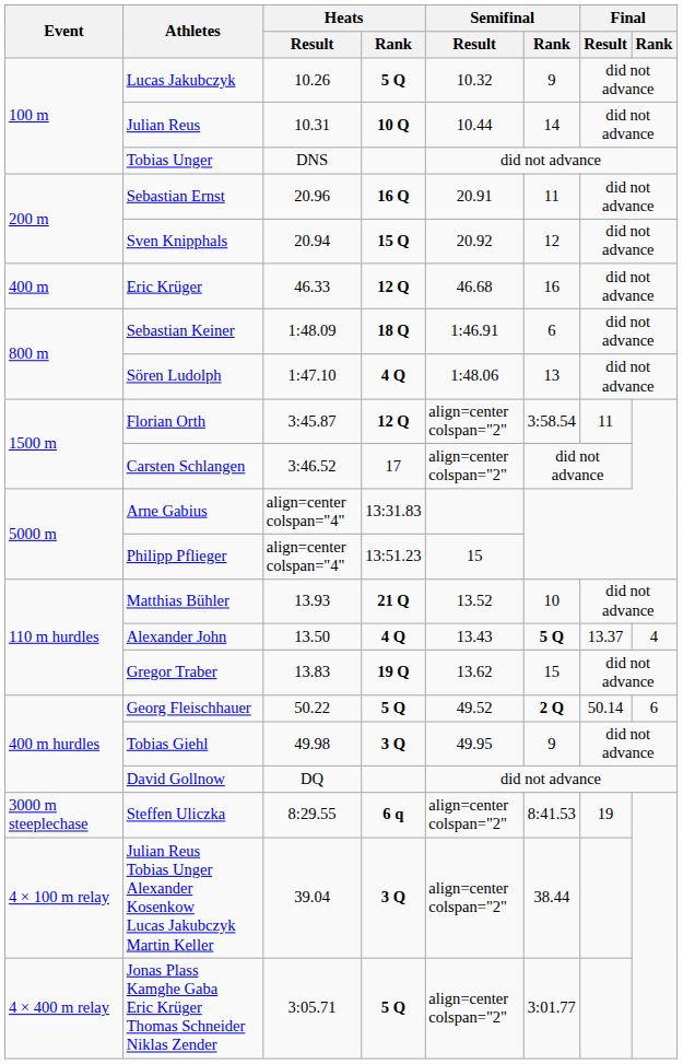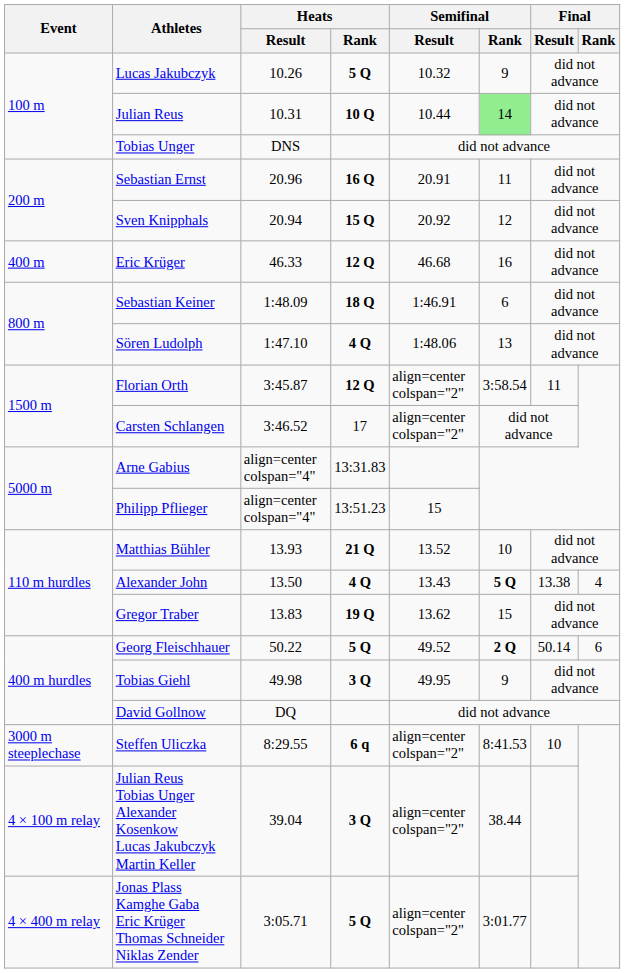 <table class="wikitable" border="1" style="font-size:90%">
 <tr>
 <th rowspan="2" width=100>Event</th>
 <th rowspan="2" width=120>Athletes</th>
 <th colspan="2">Heats</th>
 <th colspan="2">Semifinal</th>
 <th colspan="2">Final</th>
 </tr>
 <tr>
 <th>Result</th>
 <th>Rank</th>
 <th>Result</th>
 <th>Rank</th>
 <th>Result</th>
 <th>Rank</th>
 </tr>
 <tr>
 <td rowspan=3><a href='#'>100 m</a></td>
 <td><a href='#'>Lucas Jakubczyk</a></td>
 <td align=center>10.26</td>
 <td align=center><strong>5 Q</strong></td>
 <td align=center>10.32</td>
 <td align=center>9</td>
 <td align=center colspan="2">did not advance</td>
 </tr>
 <tr>
 <td><a href='#'>Julian Reus</a></td>
 <td align=center>10.31</td>
 <td align=center><strong>10 Q</strong></td>
 <td align=center>10.44</td>
-<td align=center>14</td>
+<td align=center style="background: lightgreen;">14</td>
 <td align=center colspan="2">did not advance</td>
 </tr>
 <tr>
 <td><a href='#'>Tobias Unger</a></td>
 <td align=center>DNS</td>
 <td align=center></td>
 <td align=center colspan="4">did not advance</td>
 </tr>
 <tr>
 <td rowspan=2><a href='#'>200 m</a></td>
 <td><a href='#'>Sebastian Ernst</a></td>
 <td align=center>20.96</td>
 <td align=center><strong>16 Q</strong></td>
 <td align=center>20.91</td>
 <td align=center>11</td>
 <td align=center colspan="2">did not advance</td>
 </tr>
 <tr>
 <td><a href='#'>Sven Knipphals</a></td>
 <td align=center>20.94</td>
 <td align=center><strong>15 Q</strong></td>
 <td align=center>20.92</td>
 <td align=center>12</td>
 <td align=center colspan="2">did not advance</td>
 </tr>
 <tr>
 <td><a href='#'>400 m</a></td>
 <td><a href='#'>Eric Krüger</a></td>
 <td align=center>46.33</td>
 <td align=center><strong>12 Q</strong></td>
 <td align=center>46.68</td>
 <td align=center>16</td>
 <td align=center colspan="2">did not advance</td>
 </tr>
 <tr>
 <td rowspan=2><a href='#'>800 m</a></td>
 <td><a href='#'>Sebastian Keiner</a></td>
 <td align=center>1:48.09</td>
 <td align=center><strong>18 Q</strong></td>
 <td align=center>1:46.91</td>
 <td align=center>6</td>
 <td align=center colspan="2">did not advance</td>
 </tr>
 <tr>
 <td><a href='#'>Sören Ludolph</a></td>
 <td align=center>1:47.10</td>
 <td align=center><strong>4 Q</strong></td>
 <td align=center>1:48.06</td>
 <td align=center>13</td>
 <td align=center colspan="2">did not advance</td>
 </tr>
 <tr>
 <td rowspan=2><a href='#'>1500 m</a></td>
 <td><a href='#'>Florian Orth</a></td>
 <td align=center>3:45.87</td>
 <td align=center><strong>12 Q</strong></td>
 <td>align=center colspan="2" </td>
 <td align=center>3:58.54</td>
 <td align=center>11</td>
 </tr>
 <tr>
 <td><a href='#'>Carsten Schlangen</a></td>
 <td align=center>3:46.52</td>
 <td align=center>17</td>
 <td>align=center colspan="2" </td>
 <td align=center colspan="2">did not advance</td>
 </tr>
 <tr>
 <td rowspan=2><a href='#'>5000 m</a></td>
 <td><a href='#'>Arne Gabius</a></td>
 <td>align=center colspan="4" </td>
 <td align=center>13:31.83</td>
 <td align=center></td>
 </tr>
 <tr>
 <td><a href='#'>Philipp Pflieger</a></td>
 <td>align=center colspan="4" </td>
 <td align=center>13:51.23</td>
 <td align=center>15</td>
 </tr>
 <tr>
 <td rowspan=3><a href='#'>110 m hurdles</a></td>
 <td><a href='#'>Matthias Bühler</a></td>
 <td align=center>13.93</td>
 <td align=center><strong>21 Q</strong></td>
 <td align=center>13.52</td>
 <td align=center>10</td>
 <td align=center colspan="2">did not advance</td>
 </tr>
 <tr>
 <td><a href='#'>Alexander John</a></td>
 <td align=center>13.50</td>
 <td align=center><strong>4 Q</strong></td>
 <td align=center>13.43</td>
 <td align=center><strong>5 Q</strong></td>
-<td align=center>13.37</td>
+<td align=center>13.38</td>
 <td align=center>4</td>
 </tr>
 <tr>
 <td><a href='#'>Gregor Traber</a></td>
 <td align=center>13.83</td>
 <td align=center><strong>19 Q</strong></td>
 <td align=center>13.62</td>
 <td align=center>15</td>
 <td align=center colspan="2">did not advance</td>
 </tr>
 <tr>
 <td rowspan=3><a href='#'>400 m hurdles</a></td>
 <td><a href='#'>Georg Fleischhauer</a></td>
 <td align=center>50.22</td>
 <td align=center><strong>5 Q</strong></td>
 <td align=center>49.52</td>
 <td align=center><strong>2 Q</strong></td>
 <td align=center>50.14</td>
 <td align=center>6</td>
 </tr>
 <tr>
 <td><a href='#'>Tobias Giehl</a></td>
 <td align=center>49.98</td>
 <td align=center><strong>3 Q</strong></td>
 <td align=center>49.95</td>
 <td align=center>9</td>
 <td align=center colspan="2">did not advance</td>
 </tr>
 <tr>
 <td><a href='#'>David Gollnow</a></td>
 <td align=center>DQ</td>
 <td align=center></td>
 <td align=center colspan="4">did not advance</td>
 </tr>
 <tr>
 <td><a href='#'>3000 m steeplechase</a></td>
 <td><a href='#'>Steffen Uliczka</a></td>
 <td align=center>8:29.55</td>
 <td align=center><strong>6 q</strong></td>
 <td>align=center colspan="2" </td>
 <td align=center>8:41.53</td>
-<td align=center>19</td>
+<td align=center>10</td>
 </tr>
 <tr>
 <td><a href='#'>4 × 100 m relay</a></td>
 <td><a href='#'>Julian Reus</a><br><a href='#'>Tobias Unger</a><br><a href='#'>Alexander Kosenkow</a><br><a href='#'>Lucas Jakubczyk</a><br><a href='#'>Martin Keller</a></td>
 <td align=center>39.04</td>
 <td align=center><strong>3 Q</strong></td>
 <td>align=center colspan="2" </td>
 <td align=center>38.44</td>
 <td align=center></td>
 </tr>
 <tr>
 <td><a href='#'>4 × 400 m relay</a></td>
 <td><a href='#'>Jonas Plass</a><br><a href='#'>Kamghe Gaba</a><br><a href='#'>Eric Krüger</a><br><a href='#'>Thomas Schneider</a><br><a href='#'>Niklas Zender</a></td>
 <td align=center>3:05.71</td>
 <td align=center><strong>5 Q</strong></td>
 <td>align=center colspan="2" </td>
 <td align=center>3:01.77</td>
 <td align=center></td>
 </tr>
 </table>
